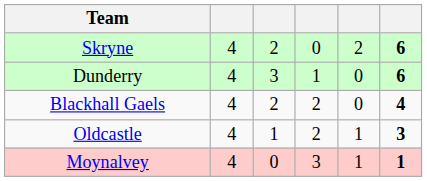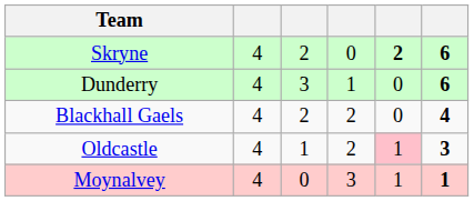 <table class="wikitable" style="text-align:center">
 <tr>
 <th width="175">Team</th>
 <th width="30"></th>
 <th width="30"></th>
 <th width="30"></th>
 <th width="30"></th>
 <th width="30"></th>
 </tr>
 <tr style="background:#cfc;">
 <td><a href='#'>Skryne</a></td>
 <td>4</td>
 <td>2</td>
 <td>0</td>
-<td>2</td>
+<td><strong>2</strong></td>
 <td><strong>6</strong></td>
 </tr>
 <tr style="background:#cfc;">
 <td>Dunderry</td>
 <td>4</td>
 <td>3</td>
 <td>1</td>
 <td>0</td>
 <td><strong>6</strong></td>
 </tr>
 <tr>
 <td><a href='#'>Blackhall Gaels</a></td>
 <td>4</td>
 <td>2</td>
 <td>2</td>
 <td>0</td>
 <td><strong>4</strong></td>
 </tr>
 <tr>
 <td><a href='#'>Oldcastle</a></td>
 <td>4</td>
 <td>1</td>
 <td>2</td>
-<td>1</td>
+<td style="background: pink;">1</td>
 <td><strong>3</strong></td>
 </tr>
 <tr style="background:#fcc;">
 <td><a href='#'>Moynalvey</a></td>
 <td>4</td>
 <td>0</td>
 <td>3</td>
 <td>1</td>
 <td><strong>1</strong></td>
 </tr>
 </table>
